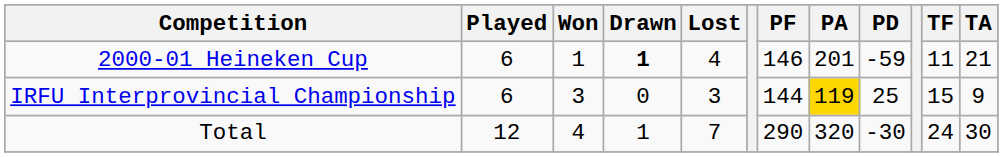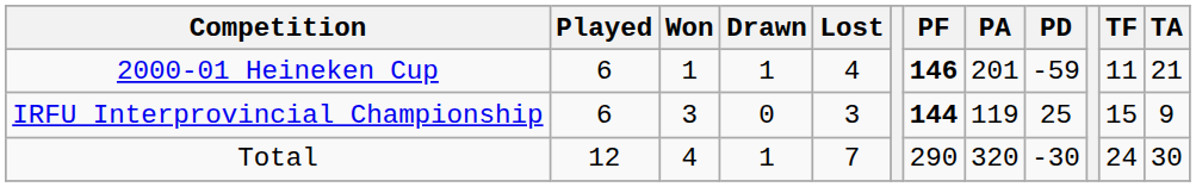 <table class="wikitable">
 <tr>
 <th>Competition</th>
 <th>Played</th>
 <th>Won</th>
 <th>Drawn</th>
 <th>Lost</th>
 <th rowspan="4"></th>
 <th>PF</th>
 <th>PA</th>
 <th>PD</th>
 <th rowspan="4"></th>
 <th>TF</th>
 <th>TA</th>
 </tr>
 <tr align=center>
 <td><a href='#'>2000-01 Heineken Cup</a></td>
 <td>6</td>
 <td>1</td>
-<td><strong>1</strong></td>
+<td>1</td>
 <td>4</td>
-<td>146</td>
+<td><strong>146</strong></td>
 <td>201</td>
 <td>-59</td>
 <td>11</td>
 <td>21</td>
 </tr>
 <tr align=center>
 <td><a href='#'>IRFU Interprovincial Championship</a></td>
 <td>6</td>
 <td>3</td>
 <td>0</td>
 <td>3</td>
-<td>144</td>
-<td style="background: gold;">119</td>
+<td><strong>144</strong></td>
+<td>119</td>
 <td>25</td>
 <td>15</td>
 <td>9</td>
 </tr>
 <tr align=center>
 <td>Total</td>
 <td>12</td>
 <td>4</td>
 <td>1</td>
 <td>7</td>
 <td>290</td>
 <td>320</td>
 <td>-30</td>
 <td>24</td>
 <td>30</td>
 </tr>
 </table>
